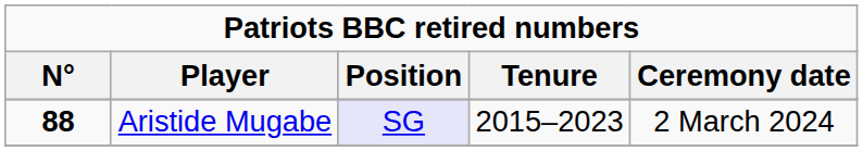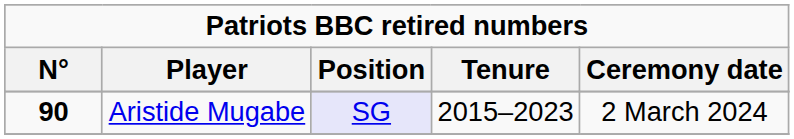 <table class="wikitable sortable" style="text-align:center">
 <tr>
 <td colspan="5"><strong>Patriots BBC retired numbers</strong></td>
 </tr>
 <tr>
 <th>N°</th>
 <th>Player</th>
 <th>Position</th>
 <th>Tenure</th>
 <th>Ceremony date</th>
 </tr>
 <tr>
 </tr>
 <tr>
-<td width=50><strong>88</strong></td>
+<td width=50><strong>90</strong></td>
 <td><a href='#'>Aristide Mugabe</a></td>
 <td style="background: lavender;"><a href='#'>SG</a></td>
 <td>2015–2023</td>
 <td>2 March 2024</td>
 </tr>
 <tr>
 </tr>
 </table>
